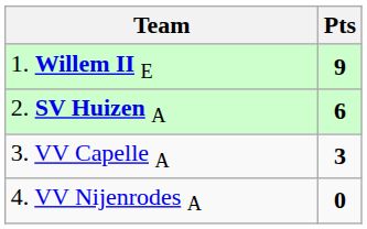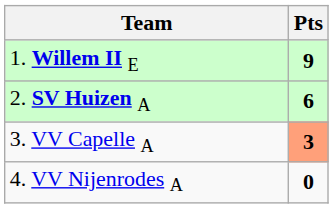 <table class="wikitable" style="text-align:center; float:left; margin-right:1em">
 <tr>
 <th style="width:200px">Team</th>
 <th width=20>Pts</th>
 </tr>
 <tr bgcolor=ccffcc>
 <td align=left>1. <strong><a href='#'>Willem II</a></strong> <sub>E</sub></td>
 <td><strong>9</strong></td>
 </tr>
 <tr bgcolor=ccffcc>
 <td align=left>2. <strong><a href='#'>SV Huizen</a></strong> <sub>A</sub></td>
 <td><strong>6</strong></td>
 </tr>
 <tr>
 <td align=left>3. <a href='#'>VV Capelle</a> <sub>A</sub></td>
-<td><strong>3</strong></td>
+<td style="background: lightsalmon;"><strong>3</strong></td>
 </tr>
 <tr>
 <td align=left>4. <a href='#'>VV Nijenrodes</a> <sub>A</sub></td>
 <td><strong>0</strong></td>
 </tr>
 </table>
